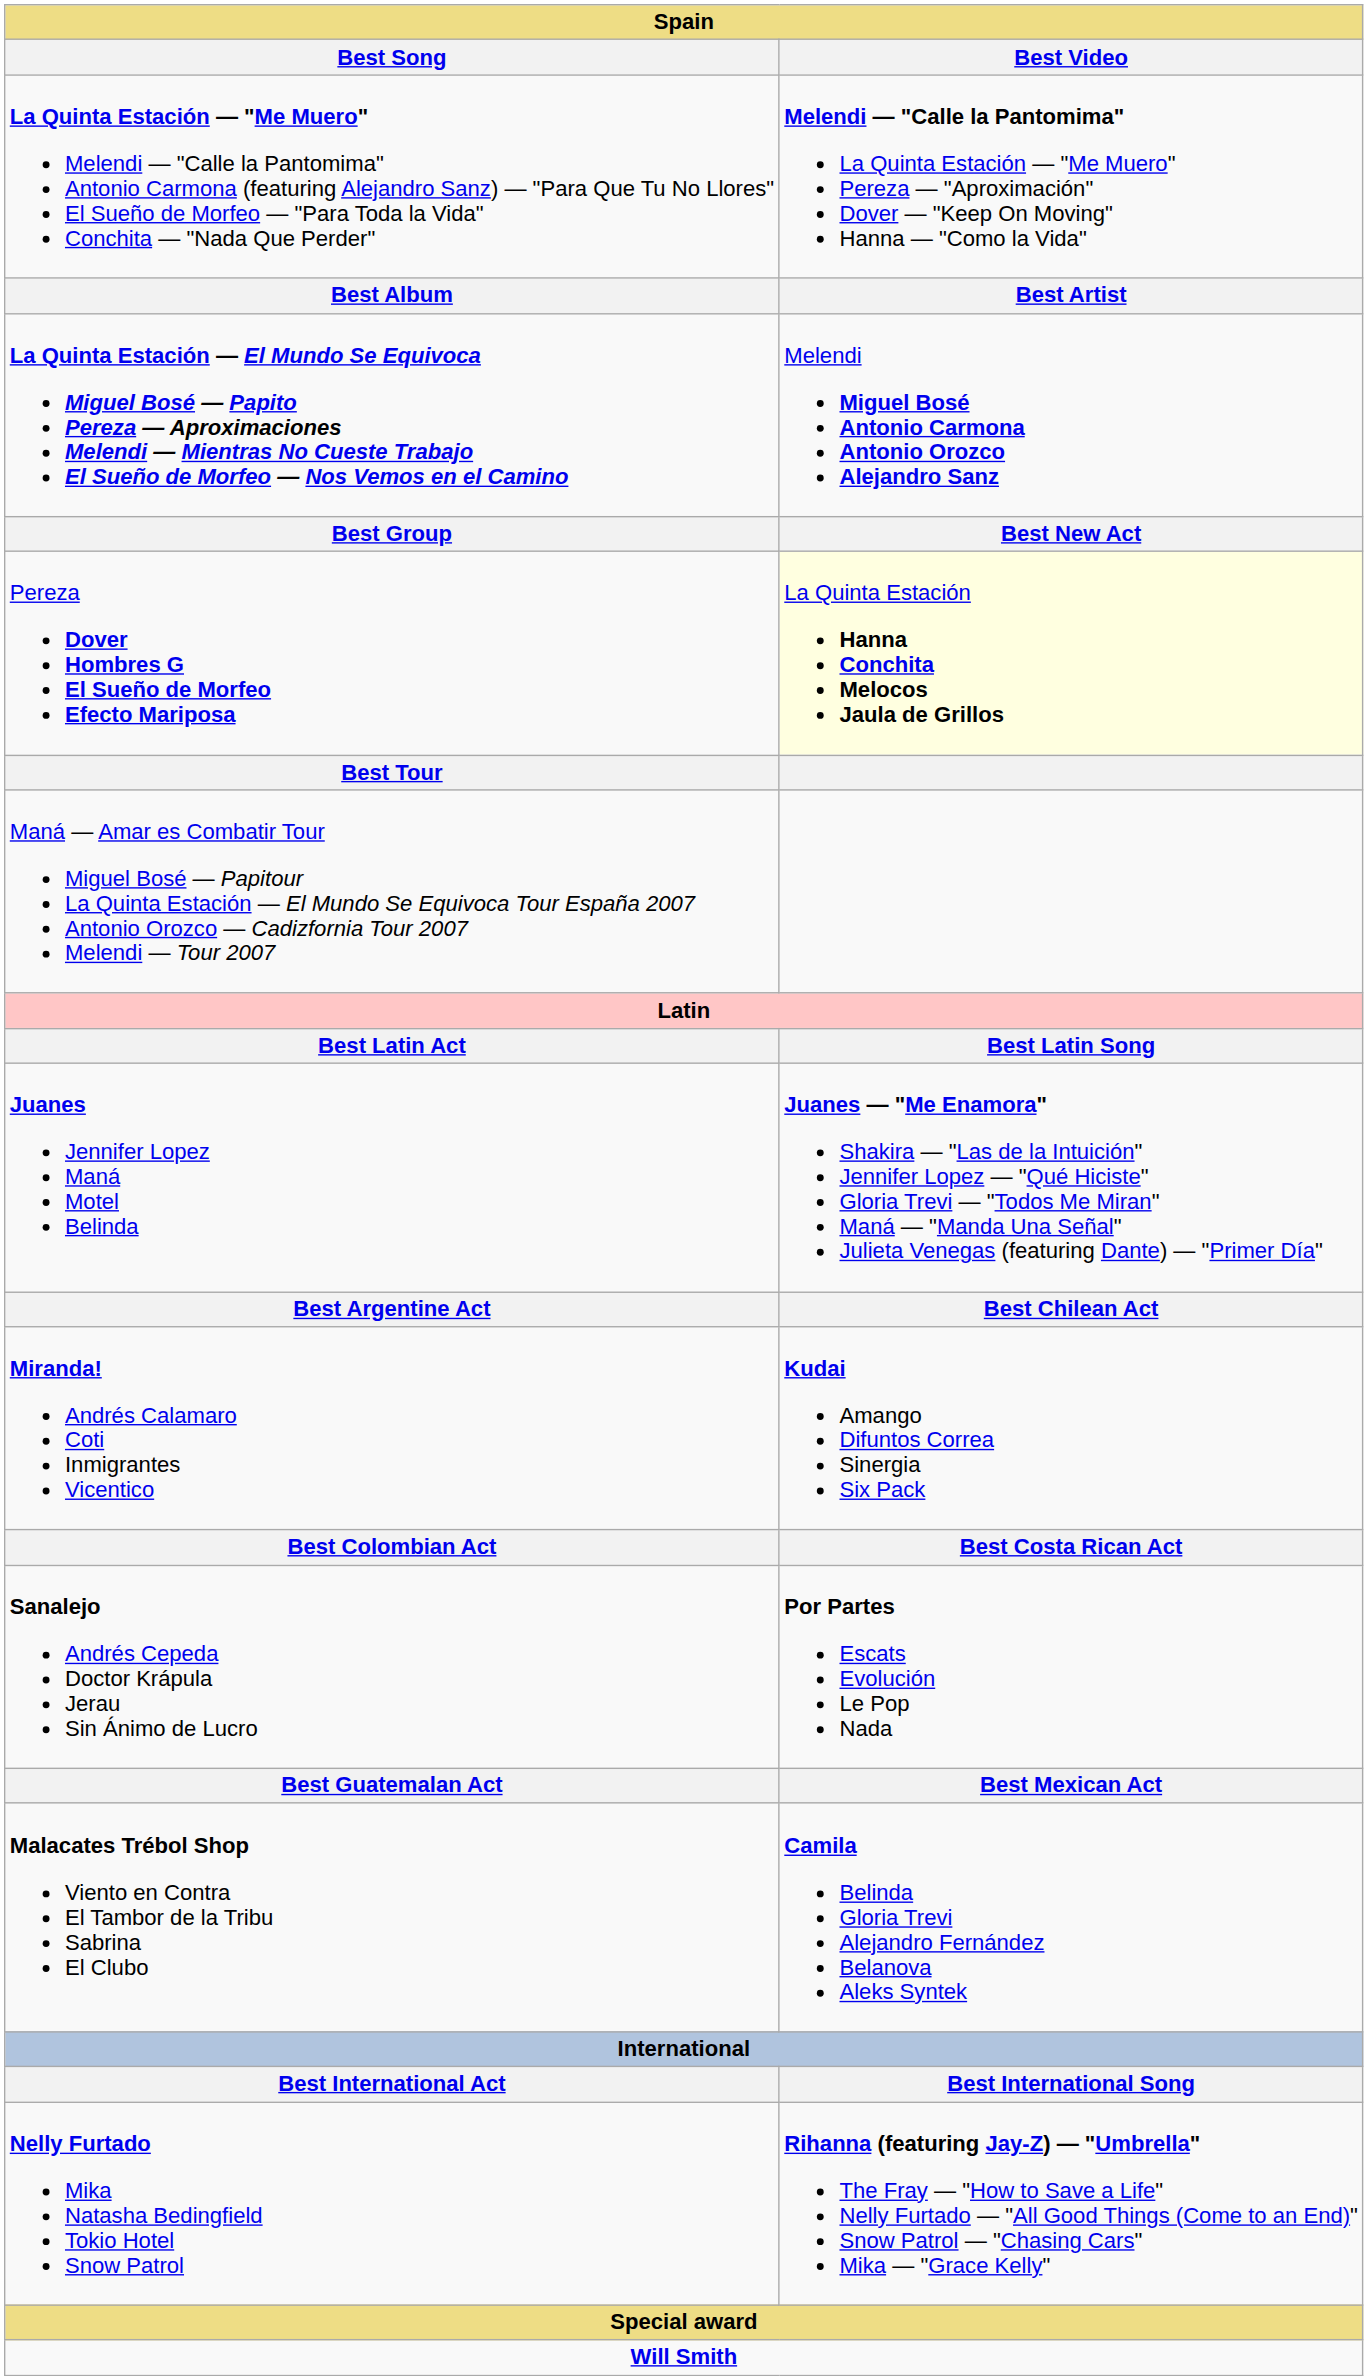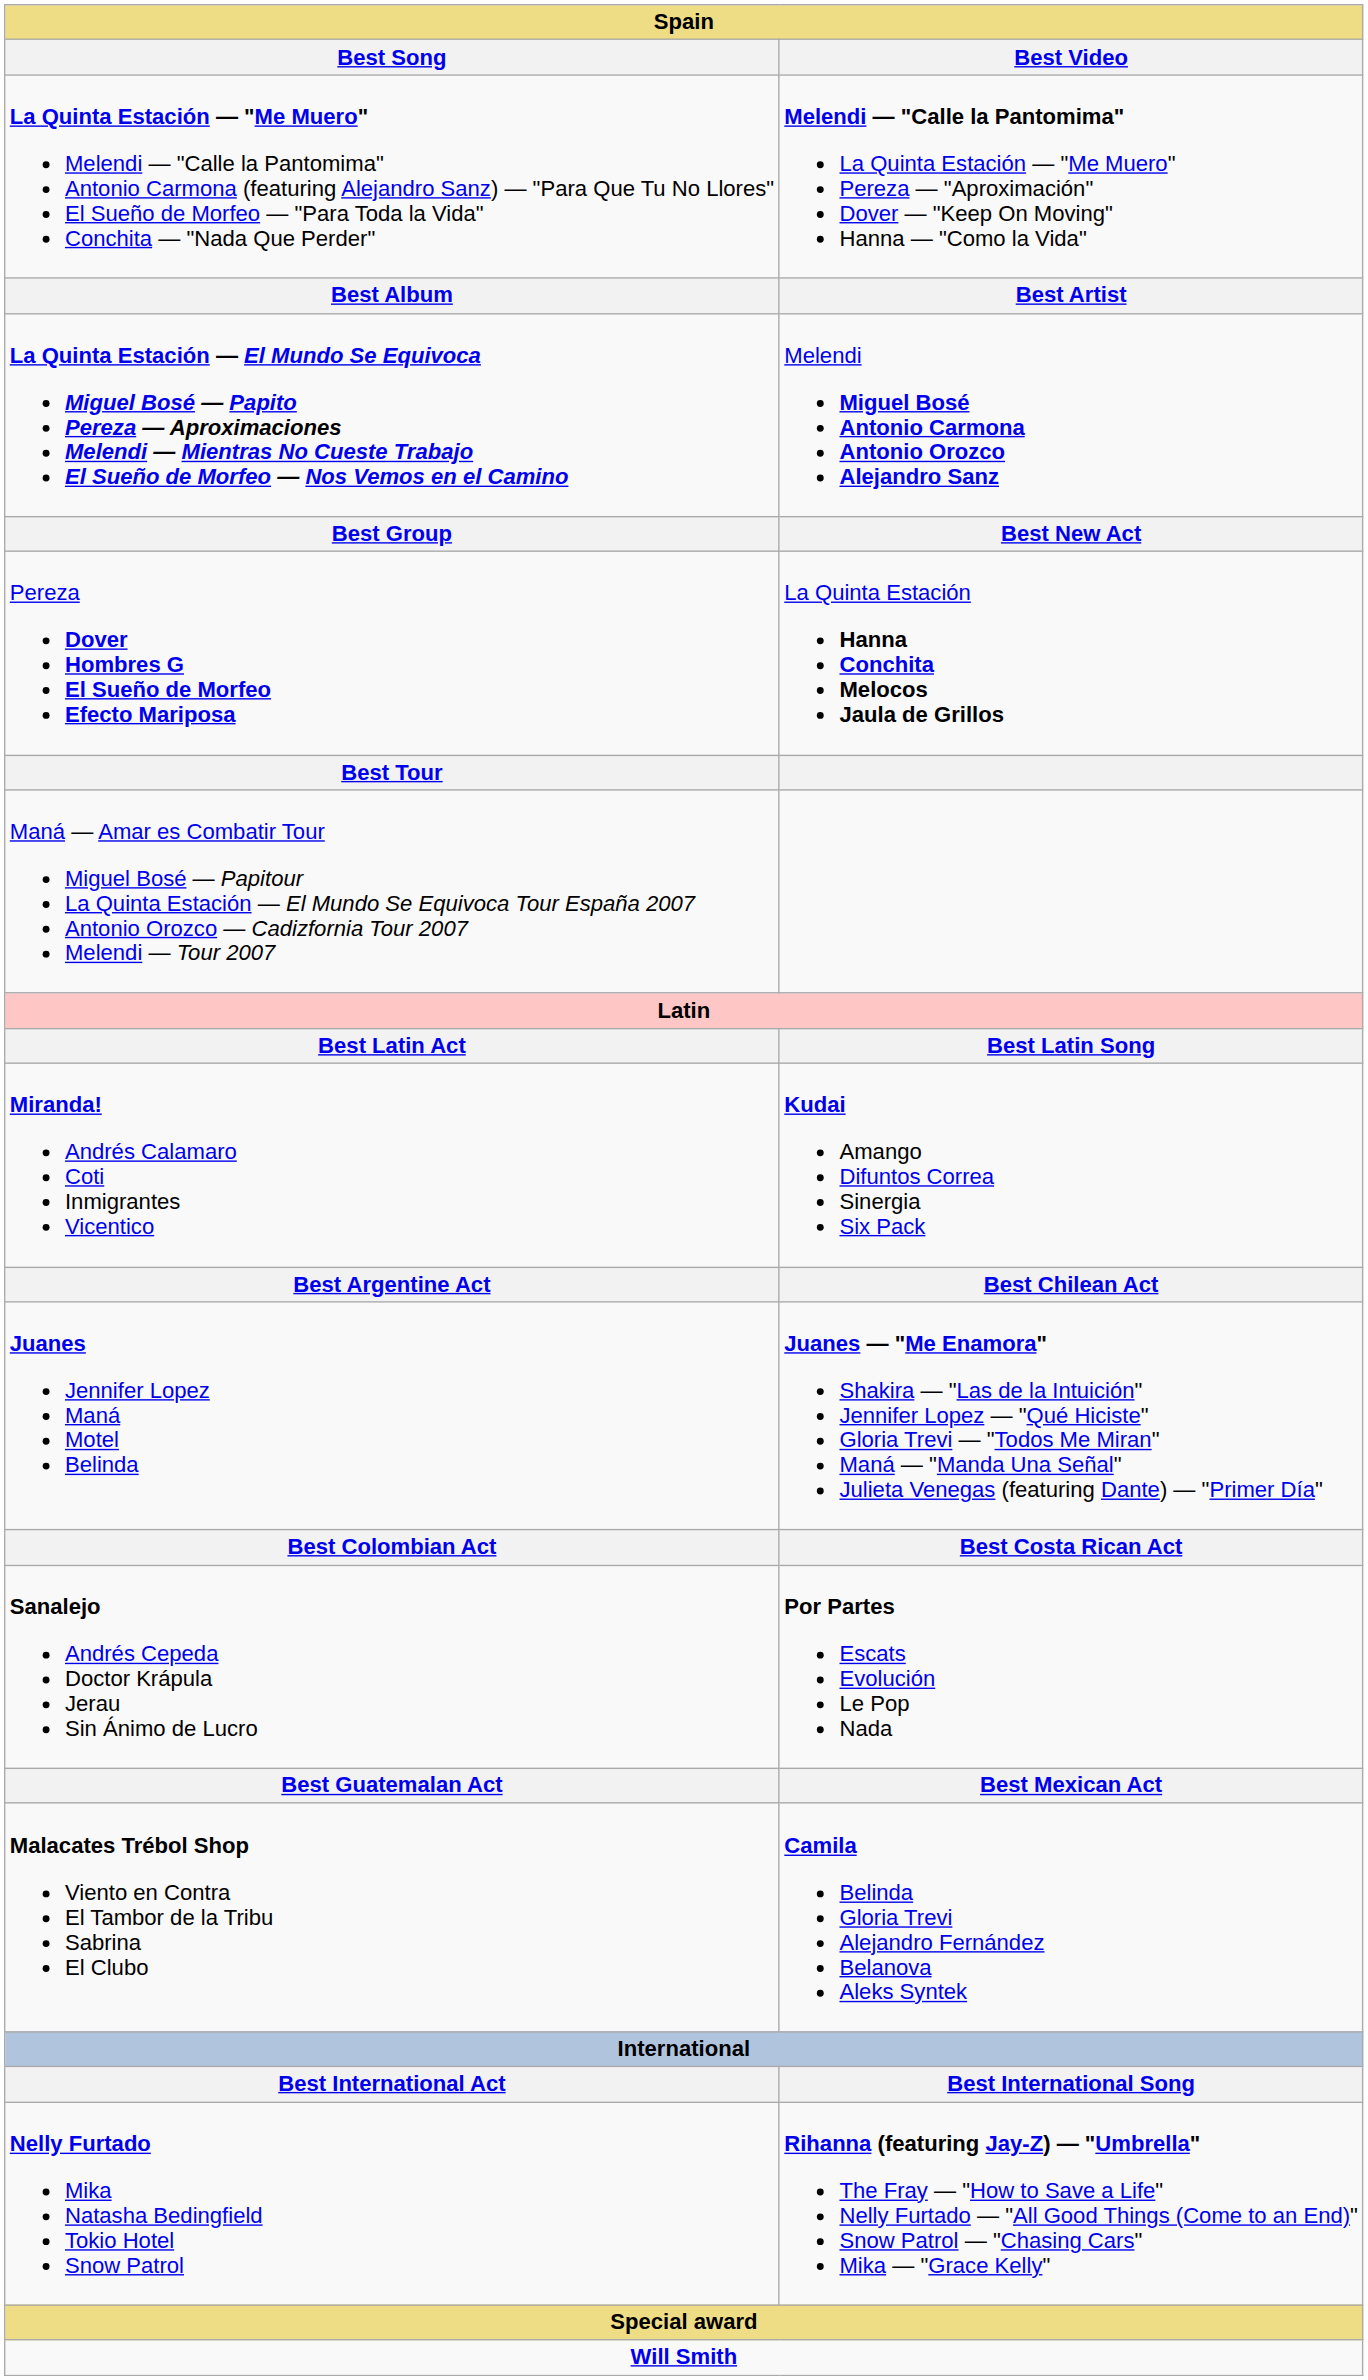 <table class=wikitable style="width=100%">
 <tr>
 <td colspan=2 align=center style="background:#EEDD85;"><strong>Spain</strong></td>
 </tr>
 <tr>
 <th style="width=50%"><a href='#'>Best Song</a></th>
 <th style="width=50%"><a href='#'>Best Video</a></th>
 </tr>
 <tr>
 <td valign="top"><br><strong><a href='#'>La Quinta Estación</a> — "<a href='#'>Me Muero</a>"</strong><ul><li><a href='#'>Melendi</a> — "Calle la Pantomima"</li><li><a href='#'>Antonio Carmona</a> (featuring <a href='#'>Alejandro Sanz</a>) — "Para Que Tu No Llores"</li><li><a href='#'>El Sueño de Morfeo</a> — "Para Toda la Vida"</li><li><a href='#'>Conchita</a> — "Nada Que Perder"</li></ul></td>
 <td valign="top"><br><strong><a href='#'>Melendi</a> — "Calle la Pantomima"</strong><ul><li><a href='#'>La Quinta Estación</a> — "<a href='#'>Me Muero</a>"</li><li><a href='#'>Pereza</a> — "Aproximación"</li><li><a href='#'>Dover</a> — "Keep On Moving"</li><li>Hanna — "Como la Vida"</li></ul></td>
 </tr>
 <tr>
 <th style="width=50%"><a href='#'>Best Album</a></th>
 <th style="width=50%"><a href='#'>Best Artist</a></th>
 </tr>
 <tr>
 <td valign="top"><br><strong><a href='#'>La Quinta Estación</a> — <em><a href='#'>El Mundo Se Equivoca</a><strong><em><ul><li><a href='#'>Miguel Bosé</a> — </em><a href='#'>Papito</a><em></li><li><a href='#'>Pereza</a> — </em>Aproximaciones<em></li><li><a href='#'>Melendi</a> — </em><a href='#'>Mientras No Cueste Trabajo</a><em></li><li><a href='#'>El Sueño de Morfeo</a> — </em><a href='#'>Nos Vemos en el Camino</a><em></li></ul></td>
 <td valign="top"><br></strong><a href='#'>Melendi</a><strong><ul><li><a href='#'>Miguel Bosé</a></li><li><a href='#'>Antonio Carmona</a></li><li><a href='#'>Antonio Orozco</a></li><li><a href='#'>Alejandro Sanz</a></li></ul></td>
 </tr>
 <tr>
 <th style="width=50%"><a href='#'>Best Group</a></th>
 <th style="width=50%"><a href='#'>Best New Act</a></th>
 </tr>
 <tr>
 <td valign="top"><br></strong><a href='#'>Pereza</a><strong><ul><li><a href='#'>Dover</a></li><li><a href='#'>Hombres G</a></li><li><a href='#'>El Sueño de Morfeo</a></li><li><a href='#'>Efecto Mariposa</a></li></ul></td>
-<td valign="top" style="background: lightyellow;"><br></strong><a href='#'>La Quinta Estación</a><strong><ul><li>Hanna</li><li><a href='#'>Conchita</a></li><li>Melocos</li><li>Jaula de Grillos</li></ul></td>
+<td valign="top"><br></strong><a href='#'>La Quinta Estación</a><strong><ul><li>Hanna</li><li><a href='#'>Conchita</a></li><li>Melocos</li><li>Jaula de Grillos</li></ul></td>
 </tr>
 <tr>
 <th style="width=50%"><a href='#'>Best Tour</a></th>
 <th style="width=50%"></th>
 </tr>
 <tr>
 <td valign="top"><br></strong><a href='#'>Maná</a> — </em><a href='#'>Amar es Combatir Tour</a></em></strong><ul><li><a href='#'>Miguel Bosé</a> — <em>Papitour</em></li><li><a href='#'>La Quinta Estación</a> — <em>El Mundo Se Equivoca Tour España 2007</em></li><li><a href='#'>Antonio Orozco</a> — <em>Cadizfornia Tour 2007</em></li><li><a href='#'>Melendi</a> — <em>Tour 2007</em></li></ul></td>
 <td valign="top"></td>
 </tr>
 <tr>
 <td colspan=2 align=center style="background:#ffc6c6;"><strong>Latin</strong></td>
 </tr>
 <tr>
 <th style="width=50%"><a href='#'>Best Latin Act</a></th>
 <th style="width=50%"><a href='#'>Best Latin Song</a></th>
 </tr>
 <tr>
-<td valign="top"><br><strong><a href='#'>Juanes</a></strong><ul><li><a href='#'>Jennifer Lopez</a></li><li><a href='#'>Maná</a></li><li><a href='#'>Motel</a></li><li><a href='#'>Belinda</a></li></ul></td>
-<td valign="top"><br><strong><a href='#'>Juanes</a> — "<a href='#'>Me Enamora</a>"</strong><ul><li><a href='#'>Shakira</a> — "<a href='#'>Las de la Intuición</a>"</li><li><a href='#'>Jennifer Lopez</a> — "<a href='#'>Qué Hiciste</a>"</li><li><a href='#'>Gloria Trevi</a> — "<a href='#'>Todos Me Miran</a>"</li><li><a href='#'>Maná</a> — "<a href='#'>Manda Una Señal</a>"</li><li><a href='#'>Julieta Venegas</a> (featuring <a href='#'>Dante</a>) — "<a href='#'>Primer Día</a>"</li></ul></td>
+<td valign="top"><br><strong><a href='#'>Miranda!</a></strong><ul><li><a href='#'>Andrés Calamaro</a></li><li><a href='#'>Coti</a></li><li>Inmigrantes</li><li><a href='#'>Vicentico</a></li></ul></td>
+<td valign="top"><br><strong><a href='#'>Kudai</a></strong><ul><li>Amango</li><li><a href='#'>Difuntos Correa</a></li><li>Sinergia</li><li><a href='#'>Six Pack</a></li></ul></td>
 </tr>
 <tr>
 <th style="width=50%"><a href='#'>Best Argentine Act</a></th>
 <th style="width=50%"><a href='#'>Best Chilean Act</a></th>
 </tr>
 <tr>
-<td valign="top"><br><strong><a href='#'>Miranda!</a></strong><ul><li><a href='#'>Andrés Calamaro</a></li><li><a href='#'>Coti</a></li><li>Inmigrantes</li><li><a href='#'>Vicentico</a></li></ul></td>
-<td valign="top"><br><strong><a href='#'>Kudai</a></strong><ul><li>Amango</li><li><a href='#'>Difuntos Correa</a></li><li>Sinergia</li><li><a href='#'>Six Pack</a></li></ul></td>
+<td valign="top"><br><strong><a href='#'>Juanes</a></strong><ul><li><a href='#'>Jennifer Lopez</a></li><li><a href='#'>Maná</a></li><li><a href='#'>Motel</a></li><li><a href='#'>Belinda</a></li></ul></td>
+<td valign="top"><br><strong><a href='#'>Juanes</a> — "<a href='#'>Me Enamora</a>"</strong><ul><li><a href='#'>Shakira</a> — "<a href='#'>Las de la Intuición</a>"</li><li><a href='#'>Jennifer Lopez</a> — "<a href='#'>Qué Hiciste</a>"</li><li><a href='#'>Gloria Trevi</a> — "<a href='#'>Todos Me Miran</a>"</li><li><a href='#'>Maná</a> — "<a href='#'>Manda Una Señal</a>"</li><li><a href='#'>Julieta Venegas</a> (featuring <a href='#'>Dante</a>) — "<a href='#'>Primer Día</a>"</li></ul></td>
 </tr>
 <tr>
 <th style="width=50%"><a href='#'>Best Colombian Act</a></th>
 <th style="width=50%"><a href='#'>Best Costa Rican Act</a></th>
 </tr>
 <tr>
 <td valign="top"><br><strong>Sanalejo</strong><ul><li><a href='#'>Andrés Cepeda</a></li><li>Doctor Krápula</li><li>Jerau</li><li>Sin Ánimo de Lucro</li></ul></td>
 <td valign="top"><br><strong>Por Partes</strong><ul><li><a href='#'>Escats</a></li><li><a href='#'>Evolución</a></li><li>Le Pop</li><li>Nada</li></ul></td>
 </tr>
 <tr>
 <th style="width=50%"><a href='#'>Best Guatemalan Act</a></th>
 <th style="width=50%"><a href='#'>Best Mexican Act</a></th>
 </tr>
 <tr>
 <td valign="top"><br><strong>Malacates Trébol Shop</strong><ul><li>Viento en Contra</li><li>El Tambor de la Tribu</li><li>Sabrina</li><li>El Clubo</li></ul></td>
 <td valign="top"><br><strong><a href='#'>Camila</a></strong><ul><li><a href='#'>Belinda</a></li><li><a href='#'>Gloria Trevi</a></li><li><a href='#'>Alejandro Fernández</a></li><li><a href='#'>Belanova</a></li><li><a href='#'>Aleks Syntek</a></li></ul></td>
 </tr>
 <tr>
 <td colspan=2 align=center style="background:#B0C4DE;"><strong>International</strong></td>
 </tr>
 <tr>
 <th style="width=50%"><a href='#'>Best International Act</a></th>
 <th style="width=50%"><a href='#'>Best International Song</a></th>
 </tr>
 <tr>
 <td valign="top"><br><strong><a href='#'>Nelly Furtado</a></strong><ul><li><a href='#'>Mika</a></li><li><a href='#'>Natasha Bedingfield</a></li><li><a href='#'>Tokio Hotel</a></li><li><a href='#'>Snow Patrol</a></li></ul></td>
 <td valign="top"><br><strong><a href='#'>Rihanna</a> (featuring <a href='#'>Jay-Z</a>) — "<a href='#'>Umbrella</a>"</strong><ul><li><a href='#'>The Fray</a> — "<a href='#'>How to Save a Life</a>"</li><li><a href='#'>Nelly Furtado</a> — "<a href='#'>All Good Things (Come to an End)</a>"</li><li><a href='#'>Snow Patrol</a> — "<a href='#'>Chasing Cars</a>"</li><li><a href='#'>Mika</a> — "<a href='#'>Grace Kelly</a>"</li></ul></td>
 </tr>
 <tr>
 <td colspan=2 align=center style="background:#EEDD85;"><strong>Special award</strong></td>
 </tr>
 <tr>
 <td colspan=2 align=center><strong><a href='#'>Will Smith</a></strong></td>
 </tr>
 </table>
